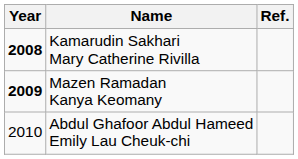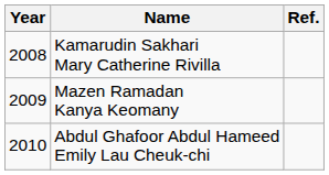 <table class="wikitable">
 <tr>
 <th>Year</th>
 <th>Name</th>
 <th>Ref.</th>
 </tr>
 <tr>
-<td><strong>2008</strong></td>
+<td>2008</td>
 <td> Kamarudin Sakhari<br> Mary Catherine Rivilla</td>
 <td></td>
 </tr>
 <tr>
-<td><strong>2009</strong></td>
+<td>2009</td>
 <td> Mazen Ramadan<br> Kanya Keomany</td>
 <td></td>
 </tr>
 <tr>
 <td>2010</td>
 <td> Abdul Ghafoor Abdul Hameed<br> Emily Lau Cheuk-chi</td>
 </tr>
 </table>
